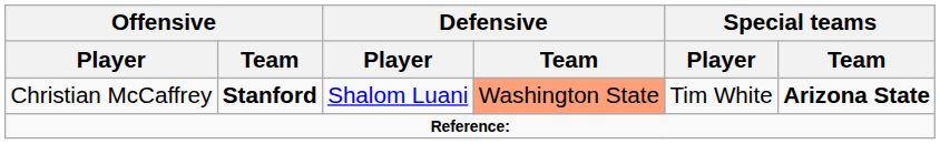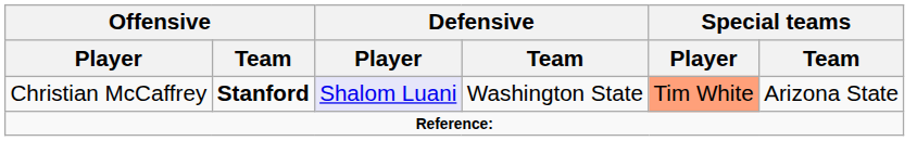 <table class="wikitable">
 <tr>
 <th colspan="2">Offensive</th>
 <th colspan="2">Defensive</th>
 <th colspan="2">Special teams</th>
 </tr>
 <tr>
 <th>Player</th>
 <th>Team</th>
 <th>Player</th>
 <th>Team</th>
 <th>Player</th>
 <th>Team</th>
 </tr>
 <tr>
 <td>Christian McCaffrey</td>
 <td><strong>Stanford</strong></td>
-<td><a href='#'>Shalom Luani</a></td>
-<td style="background: lightsalmon;">Washington State</td>
-<td>Tim White</td>
-<td><strong>Arizona State</strong></td>
+<td style="background: lavender;"><a href='#'>Shalom Luani</a></td>
+<td>Washington State</td>
+<td style="background: lightsalmon;">Tim White</td>
+<td>Arizona State</td>
 </tr>
 <tr>
 <td colspan="12"  style="font-size:8pt; text-align:center;"><strong>Reference:</strong></td>
 </tr>
 </table>
